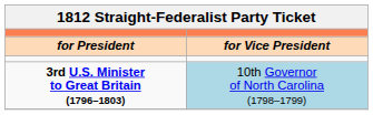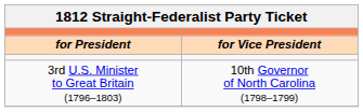 <table class="wikitable" style="font-size:90%; text-align:center;">
 <tr>
 <td style="background:#f1f1f1;" colspan="30"><big><strong>1812 Straight-Federalist Party Ticket</strong></big></td>
 </tr>
 <tr>
 <th style="width:3em; font-size:135%; background:#FF7F50; width:200px;"><a href='#'></a></th>
 <th style="width:3em; font-size:135%; background:#FF7F50; width:200px;"><a href='#'></a></th>
 </tr>
 <tr>
 <td style="width:3em; font-size:100%; color:#000; background:#FFDAB9; width:200px;"><strong><em>for President</em></strong></td>
 <td style="width:3em; font-size:100%; color:#000; background:#FFDAB9; width:200px;"><strong><em>for Vice President</em></strong></td>
 </tr>
 <tr>
 <td></td>
 <td></td>
 </tr>
 <tr>
-<td><strong>3rd <a href='#'>U.S. Minister<br>to Great Britain</a><br><small>(1796–1803)</small></strong></td>
-<td style="background: lightblue;">10th <a href='#'>Governor<br>of North Carolina</a><br><small>(1798–1799)</small></td>
+<td>3rd <a href='#'>U.S. Minister<br>to Great Britain</a><br><small>(1796–1803)</small></td>
+<td>10th <a href='#'>Governor<br>of North Carolina</a><br><small>(1798–1799)</small></td>
 </tr>
 <tr>
 </tr>
 </table>
